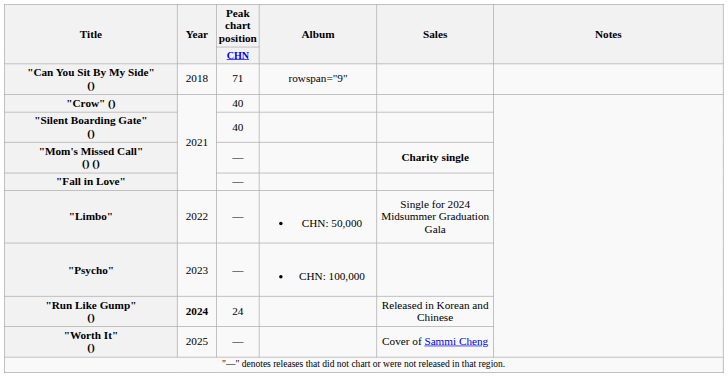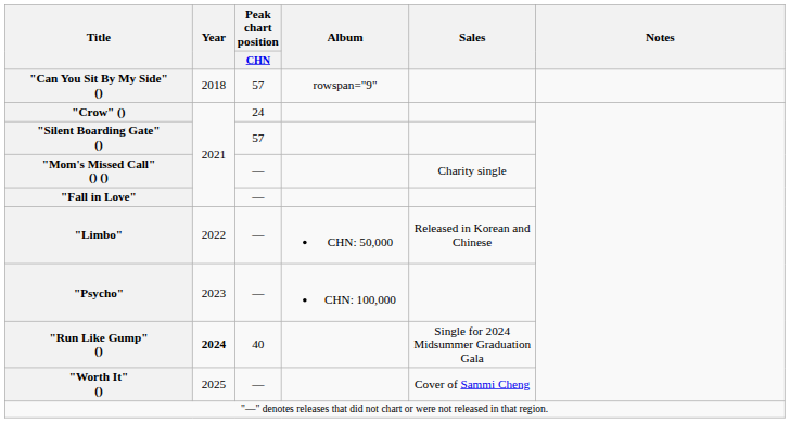 <table class="wikitable plainrowheaders" style="text-align:center">
 <tr>
 <th rowspan="2" scope="col" style="width:15em">Title</th>
 <th rowspan="2" scope="col" style="width:3em">Year</th>
 <th>Peak chart position</th>
 <th rowspan="2" style="width:10em">Album</th>
 <th rowspan="2" scope="col" style="width:10em">Sales</th>
 <th rowspan="2" style="width:20em">Notes</th>
 </tr>
 <tr>
 <th style="width:3em;font-size:90%"><a href='#'>CHN</a><br></th>
 </tr>
 <tr>
 <th scope="row">"Can You Sit By My Side"<br>()</th>
 <td>2018</td>
-<td>71</td>
+<td>57</td>
 <td>rowspan="9" </td>
 <td></td>
 <td></td>
 </tr>
 <tr>
 <th scope="row">"Crow" ()</th>
 <td rowspan="4">2021</td>
-<td>40</td>
+<td>24</td>
 <td></td>
 <td></td>
 </tr>
 <tr>
 <th scope="row">"Silent Boarding Gate"<br>()</th>
-<td>40</td>
+<td>57</td>
 <td></td>
 <td></td>
 </tr>
 <tr>
 <th scope="row">"Mom's Missed Call"<br>() ()</th>
 <td>—</td>
 <td></td>
-<td><strong>Charity single</strong></td>
+<td>Charity single</td>
 </tr>
 <tr>
 <th scope="row">"Fall in Love"</th>
 <td>—</td>
 <td></td>
 <td></td>
 </tr>
 <tr>
 <th scope="row">"Limbo"</th>
 <td>2022</td>
 <td>—</td>
 <td><br><ul><li>CHN: 50,000</li></ul></td>
-<td>Single for 2024 Midsummer Graduation Gala</td>
+<td>Released in Korean and Chinese</td>
 </tr>
 <tr>
 <th scope="row">"Psycho"</th>
 <td>2023</td>
 <td>—</td>
 <td><br><ul><li>CHN: 100,000</li></ul></td>
 <td></td>
 </tr>
 <tr>
 <th scope="row">"Run Like Gump"<br>()</th>
 <td><strong>2024</strong></td>
-<td>24</td>
+<td>40</td>
 <td></td>
-<td>Released in Korean and Chinese</td>
+<td>Single for 2024 Midsummer Graduation Gala</td>
 </tr>
 <tr>
 <th scope="row">"Worth It"<br>()</th>
 <td>2025</td>
 <td>—</td>
 <td></td>
 <td>Cover of <a href='#'>Sammi Cheng</a></td>
 </tr>
 <tr>
 <td colspan="6" style="font-size:85%">"—" denotes releases that did not chart or were not released in that region.</td>
 </tr>
 </table>
